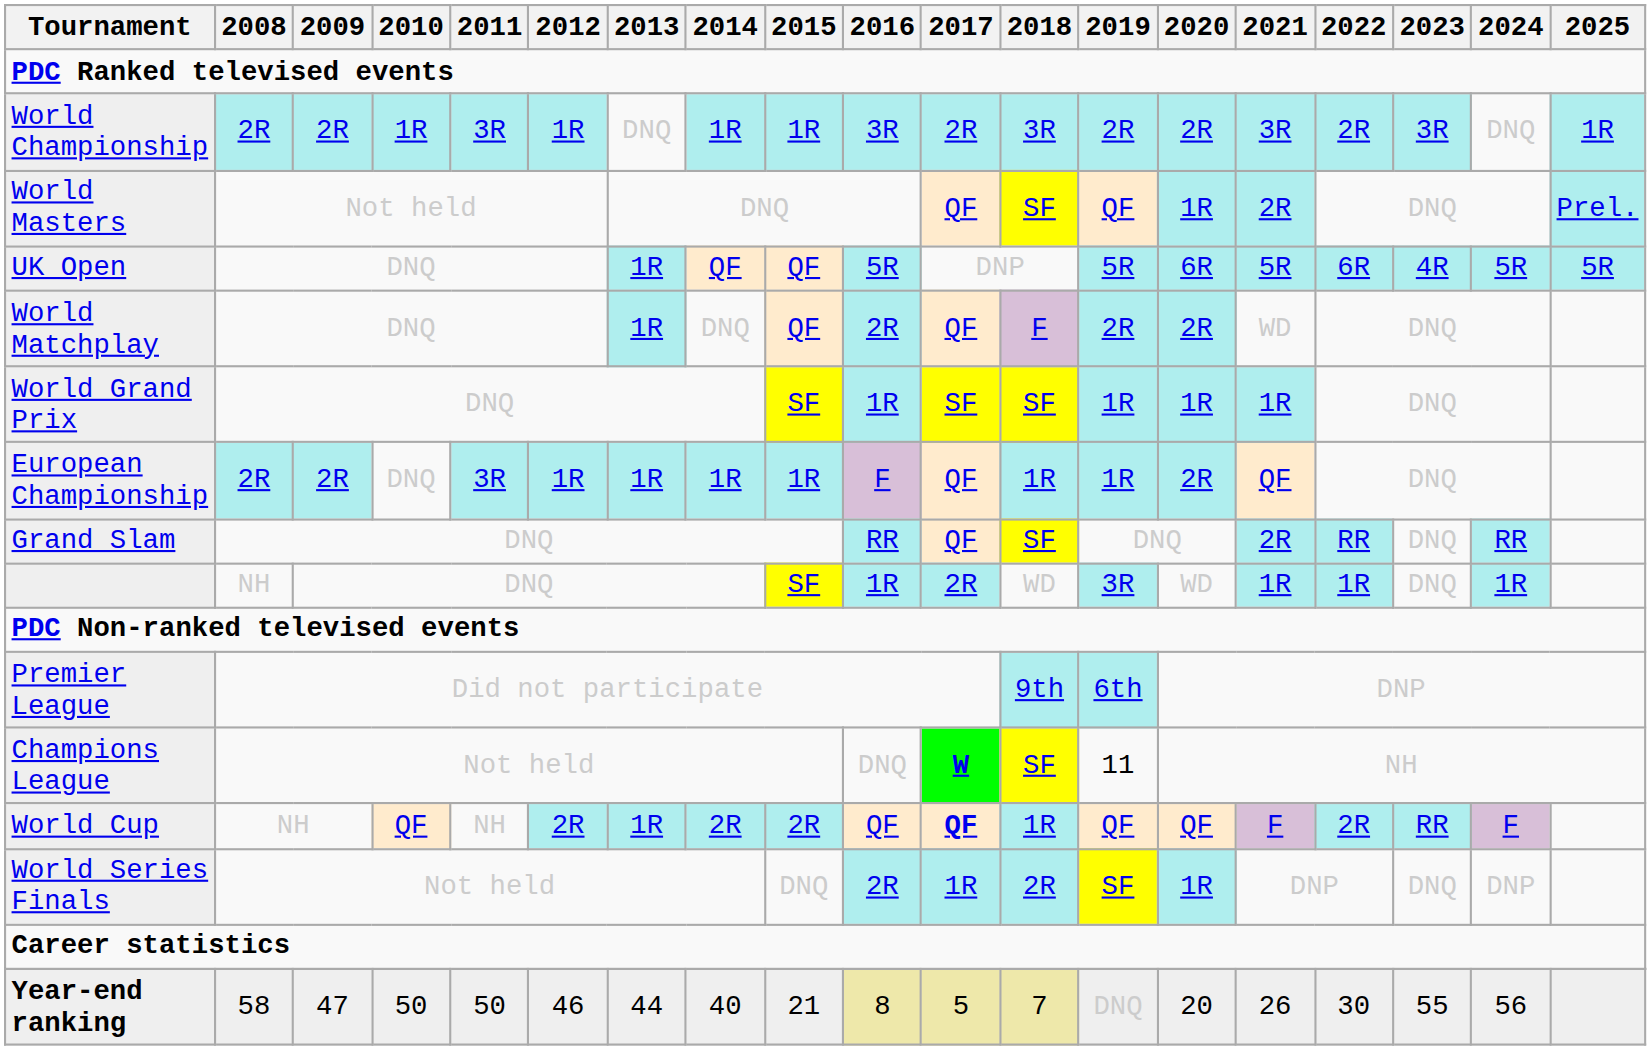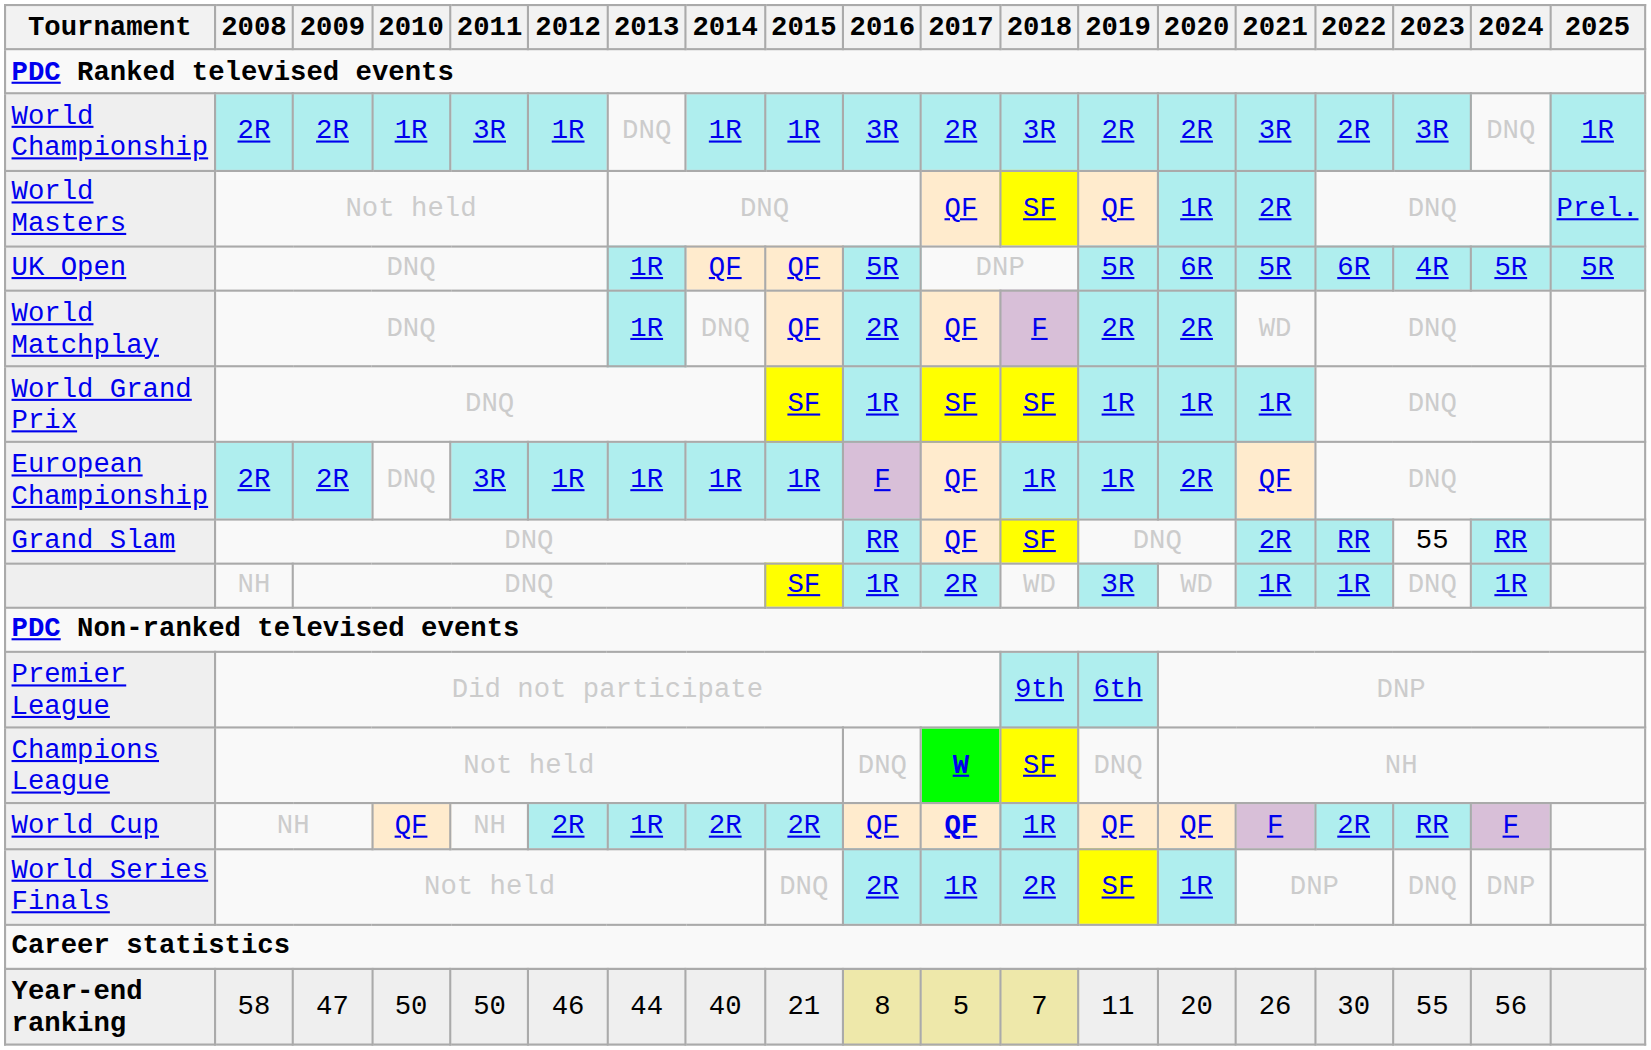 <table class="wikitable" style="width:50%; margin:0">
 <tr>
 <th>Tournament</th>
 <th>2008</th>
 <th>2009</th>
 <th>2010</th>
 <th>2011</th>
 <th>2012</th>
 <th>2013</th>
 <th>2014</th>
 <th>2015</th>
 <th>2016</th>
 <th>2017</th>
 <th>2018</th>
 <th>2019</th>
 <th>2020</th>
 <th>2021</th>
 <th>2022</th>
 <th>2023</th>
 <th>2024</th>
 <th>2025</th>
 </tr>
 <tr>
 <td colspan="28" align="left"><strong><a href='#'>PDC</a> Ranked televised events</strong></td>
 </tr>
 <tr>
 <td style="background:#efefef;"><a href='#'>World Championship</a></td>
 <td style="text-align:center; background:#afeeee;"><a href='#'>2R</a></td>
 <td style="text-align:center; background:#afeeee;"><a href='#'>2R</a></td>
 <td style="text-align:center; background:#afeeee;"><a href='#'>1R</a></td>
 <td style="text-align:center; background:#afeeee;"><a href='#'>3R</a></td>
 <td style="text-align:center; background:#afeeee;"><a href='#'>1R</a></td>
 <td style="text-align:center; color:#ccc;">DNQ</td>
 <td style="text-align:center; background:#afeeee;"><a href='#'>1R</a></td>
 <td style="text-align:center; background:#afeeee;"><a href='#'>1R</a></td>
 <td style="text-align:center; background:#afeeee;"><a href='#'>3R</a></td>
 <td style="text-align:center; background:#afeeee;"><a href='#'>2R</a></td>
 <td style="text-align:center; background:#afeeee;"><a href='#'>3R</a></td>
 <td style="text-align:center; background:#afeeee;"><a href='#'>2R</a></td>
 <td style="text-align:center; background:#afeeee;"><a href='#'>2R</a></td>
 <td style="text-align:center; background:#afeeee;"><a href='#'>3R</a></td>
 <td style="text-align:center; background:#afeeee;"><a href='#'>2R</a></td>
 <td style="text-align:center; background:#afeeee;"><a href='#'>3R</a></td>
 <td style="text-align:center; color:#ccc;">DNQ</td>
 <td style="text-align:center; background:#afeeee;"><a href='#'>1R</a></td>
 </tr>
 <tr>
 <td style="background:#efefef;"><a href='#'>World Masters</a></td>
 <td colspan="5" style="text-align:center; color:#ccc;">Not held</td>
 <td colspan="4" style="text-align:center; color:#ccc;">DNQ</td>
 <td style="text-align:center; background:#ffebcd;"><a href='#'>QF</a></td>
 <td style="text-align:center; background:yellow;"><a href='#'>SF</a></td>
 <td style="text-align:center; background:#ffebcd;"><a href='#'>QF</a></td>
 <td style="text-align:center; background:#afeeee;"><a href='#'>1R</a></td>
 <td style="text-align:center; background:#afeeee;"><a href='#'>2R</a></td>
 <td colspan="3" style="text-align:center; color:#ccc;">DNQ</td>
 <td style="text-align:center; background:#afeeee;"><a href='#'>Prel.</a></td>
 </tr>
 <tr>
 <td style="background:#efefef;"><a href='#'>UK Open</a></td>
 <td colspan="5" style="text-align:center; color:#ccc;">DNQ</td>
 <td style="text-align:center; background:#afeeee;"><a href='#'>1R</a></td>
 <td style="text-align:center; background:#ffebcd;"><a href='#'>QF</a></td>
 <td style="text-align:center; background:#ffebcd;"><a href='#'>QF</a></td>
 <td style="text-align:center; background:#afeeee;"><a href='#'>5R</a></td>
 <td colspan="2" style="text-align:center; color:#ccc;">DNP</td>
 <td style="text-align:center; background:#afeeee;"><a href='#'>5R</a></td>
 <td style="text-align:center; background:#afeeee;"><a href='#'>6R</a></td>
 <td style="text-align:center; background:#afeeee;"><a href='#'>5R</a></td>
 <td style="text-align:center; background:#afeeee;"><a href='#'>6R</a></td>
 <td style="text-align:center; background:#afeeee;"><a href='#'>4R</a></td>
 <td style="text-align:center; background:#afeeee;"><a href='#'>5R</a></td>
 <td style="text-align:center; background:#afeeee;"><a href='#'>5R</a></td>
 </tr>
 <tr>
 <td style="background:#efefef;"><a href='#'>World Matchplay</a></td>
 <td colspan="5" style="text-align:center; color:#ccc;">DNQ</td>
 <td style="text-align:center; background:#afeeee;"><a href='#'>1R</a></td>
 <td style="text-align:center; color:#ccc;">DNQ</td>
 <td style="text-align:center; background:#ffebcd;"><a href='#'>QF</a></td>
 <td style="text-align:center; background:#afeeee;"><a href='#'>2R</a></td>
 <td style="text-align:center; background:#ffebcd;"><a href='#'>QF</a></td>
 <td style="text-align:center; background:thistle;"><a href='#'>F</a></td>
 <td style="text-align:center; background:#afeeee;"><a href='#'>2R</a></td>
 <td style="text-align:center; background:#afeeee;"><a href='#'>2R</a></td>
 <td style="text-align:center; color:#ccc;">WD</td>
 <td colspan="3" style="text-align:center; color:#ccc;">DNQ</td>
 <td></td>
 </tr>
 <tr>
 <td style="background:#efefef;"><a href='#'>World Grand Prix</a></td>
 <td colspan="7" style="text-align:center; color:#ccc;">DNQ</td>
 <td style="text-align:center; background:yellow;"><a href='#'>SF</a></td>
 <td style="text-align:center; background:#afeeee;"><a href='#'>1R</a></td>
 <td style="text-align:center; background:yellow;"><a href='#'>SF</a></td>
 <td style="text-align:center; background:yellow;"><a href='#'>SF</a></td>
 <td style="text-align:center; background:#afeeee;"><a href='#'>1R</a></td>
 <td style="text-align:center; background:#afeeee;"><a href='#'>1R</a></td>
 <td style="text-align:center; background:#afeeee;"><a href='#'>1R</a></td>
 <td colspan="3" style="text-align:center; color:#ccc;">DNQ</td>
 <td></td>
 </tr>
 <tr>
 <td style="background:#efefef;"><a href='#'>European Championship</a></td>
 <td style="text-align:center; background:#afeeee;"><a href='#'>2R</a></td>
 <td style="text-align:center; background:#afeeee;"><a href='#'>2R</a></td>
 <td style="text-align:center; color:#ccc;">DNQ</td>
 <td style="text-align:center; background:#afeeee;"><a href='#'>3R</a></td>
 <td style="text-align:center; background:#afeeee;"><a href='#'>1R</a></td>
 <td style="text-align:center; background:#afeeee;"><a href='#'>1R</a></td>
 <td style="text-align:center; background:#afeeee;"><a href='#'>1R</a></td>
 <td style="text-align:center; background:#afeeee;"><a href='#'>1R</a></td>
 <td style="text-align:center; background:thistle;"><a href='#'>F</a></td>
 <td style="text-align:center; background:#ffebcd;"><a href='#'>QF</a></td>
 <td style="text-align:center; background:#afeeee;"><a href='#'>1R</a></td>
 <td style="text-align:center; background:#afeeee;"><a href='#'>1R</a></td>
 <td style="text-align:center; background:#afeeee;"><a href='#'>2R</a></td>
 <td style="text-align:center; background:#ffebcd;"><a href='#'>QF</a></td>
 <td colspan="3" style="text-align:center; color:#ccc;">DNQ</td>
 <td></td>
 </tr>
 <tr>
 <td style="background:#efefef;"><a href='#'>Grand Slam</a></td>
 <td colspan="8" style="text-align:center; color:#ccc;">DNQ</td>
 <td style="text-align:center; background:#afeeee;"><a href='#'>RR</a></td>
 <td style="text-align:center; background:#ffebcd;"><a href='#'>QF</a></td>
 <td style="text-align:center; background:yellow;"><a href='#'>SF</a></td>
 <td colspan="2" style="text-align:center; color:#ccc;">DNQ</td>
 <td style="text-align:center; background:#afeeee;"><a href='#'>2R</a></td>
 <td style="text-align:center; background:#afeeee;"><a href='#'>RR</a></td>
-<td style="text-align:center; color:#ccc;">DNQ</td>
+<td style="text-align:center;">55</td>
 <td style="text-align:center; background:#afeeee;"><a href='#'>RR</a></td>
 <td></td>
 </tr>
 <tr>
 <td style="background:#efefef;"></td>
 <td style="text-align:center; color:#ccc;">NH</td>
 <td colspan="6" style="text-align:center; color:#ccc;">DNQ</td>
 <td style="text-align:center; background:yellow;"><a href='#'>SF</a></td>
 <td style="text-align:center; background:#afeeee;"><a href='#'>1R</a></td>
 <td style="text-align:center; background:#afeeee;"><a href='#'>2R</a></td>
 <td style="text-align:center; color:#ccc;">WD</td>
 <td style="text-align:center; background:#afeeee;"><a href='#'>3R</a></td>
 <td style="text-align:center; color:#ccc;">WD</td>
 <td style="text-align:center; background:#afeeee;"><a href='#'>1R</a></td>
 <td style="text-align:center; background:#afeeee;"><a href='#'>1R</a></td>
 <td style="text-align:center; color:#ccc;">DNQ</td>
 <td style="text-align:center; background:#afeeee;"><a href='#'>1R</a></td>
 <td></td>
 </tr>
 <tr>
 <td colspan="28" align="left"><strong><a href='#'>PDC</a> Non-ranked televised events</strong></td>
 </tr>
 <tr>
 <td style="background:#efefef;"><a href='#'>Premier League</a></td>
 <td colspan="10" style="text-align:center; color:#ccc;">Did not participate</td>
 <td style="text-align:center; background:#afeeee;"><a href='#'>9th</a></td>
 <td style="text-align:center; background:#afeeee;"><a href='#'>6th</a></td>
 <td colspan="6" style="text-align:center; color:#ccc;">DNP</td>
 </tr>
 <tr>
 <td style="background:#efefef;"><a href='#'>Champions League</a></td>
 <td colspan="8" style="text-align:center; color:#ccc;">Not held</td>
 <td style="text-align:center; color:#ccc;">DNQ</td>
 <td style="text-align:center; background:#0f0;"><strong><a href='#'>W</a></strong></td>
 <td style="text-align:center; background:yellow;"><a href='#'>SF</a></td>
-<td style="text-align:center;">11</td>
+<td style="text-align:center; color:#ccc;">DNQ</td>
 <td colspan="6" style="text-align:center; color:#ccc;">NH</td>
 </tr>
 <tr>
 <td style="background:#efefef;"><a href='#'>World Cup</a></td>
 <td colspan="2" style="text-align:center; color:#ccc;">NH</td>
 <td style="text-align:center; background:#ffebcd;"><a href='#'>QF</a></td>
 <td style="text-align:center; color:#ccc;">NH</td>
 <td style="text-align:center; background:#afeeee;"><a href='#'>2R</a></td>
 <td style="text-align:center; background:#afeeee;"><a href='#'>1R</a></td>
 <td style="text-align:center; background:#afeeee;"><a href='#'>2R</a></td>
 <td style="text-align:center; background:#afeeee;"><a href='#'>2R</a></td>
 <td style="text-align:center; background:#ffebcd;"><a href='#'>QF</a></td>
 <td style="text-align:center; background:#ffebcd;"><strong><a href='#'>QF</a></strong></td>
 <td style="text-align:center; background:#afeeee;"><a href='#'>1R</a></td>
 <td style="text-align:center; background:#ffebcd;"><a href='#'>QF</a></td>
 <td style="text-align:center; background:#ffebcd;"><a href='#'>QF</a></td>
 <td style="text-align:center; background:thistle;"><a href='#'>F</a></td>
 <td style="text-align:center; background:#afeeee;"><a href='#'>2R</a></td>
 <td style="text-align:center; background:#afeeee;"><a href='#'>RR</a></td>
 <td style="text-align:center; background:thistle;"><a href='#'>F</a></td>
 <td></td>
 </tr>
 <tr>
 <td style="background:#efefef;"><a href='#'>World Series Finals</a></td>
 <td colspan="7" style="text-align:center; color:#ccc;">Not held</td>
 <td style="text-align:center; color:#ccc;">DNQ</td>
 <td style="text-align:center; background:#afeeee;"><a href='#'>2R</a></td>
 <td style="text-align:center; background:#afeeee;"><a href='#'>1R</a></td>
 <td style="text-align:center; background:#afeeee;"><a href='#'>2R</a></td>
 <td style="text-align:center; background:yellow;"><a href='#'>SF</a></td>
 <td style="text-align:center; background:#afeeee;"><a href='#'>1R</a></td>
 <td colspan="2" style="text-align:center; color:#ccc;">DNP</td>
 <td style="text-align:center; color:#ccc;">DNQ</td>
 <td style="text-align:center; color:#ccc;">DNP</td>
 <td></td>
 </tr>
 <tr>
 <td colspan="28" align="left"><strong>Career statistics</strong></td>
 </tr>
 <tr>
 </tr>
 <tr bgcolor="efefef">
 <td align="left"><strong>Year-end ranking</strong></td>
 <td style="text-align:center;">58</td>
 <td style="text-align:center;">47</td>
 <td style="text-align:center;">50</td>
 <td style="text-align:center;">50</td>
 <td style="text-align:center;">46</td>
 <td style="text-align:center;">44</td>
 <td style="text-align:center;">40</td>
 <td style="text-align:center;">21</td>
 <td style="text-align:center; background:#eee8aa;">8</td>
 <td style="text-align:center; background:#eee8aa;">5</td>
 <td style="text-align:center; background:#eee8aa;">7</td>
-<td style="text-align:center; color:#ccc;">DNQ</td>
+<td style="text-align:center;">11</td>
 <td style="text-align:center;">20</td>
 <td style="text-align:center;">26</td>
 <td style="text-align:center;">30</td>
 <td style="text-align:center;">55</td>
 <td style="text-align:center;">56</td>
 <td></td>
 </tr>
 </table>
